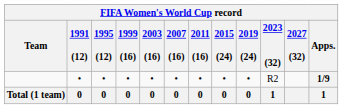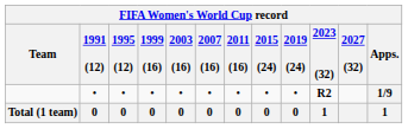 <table class="wikitable" style="text-align:center; font-size:85%">
 <tr style="background:#ccc;">
 <th colspan=12><a href='#'>FIFA Women's World Cup</a> record</th>
 </tr>
 <tr>
 <th>Team</th>
 <th><a href='#'>1991</a><br><br>(12)</th>
 <th><a href='#'>1995</a><br><br>(12)</th>
 <th><a href='#'>1999</a><br><br>(16)</th>
 <th><a href='#'>2003</a><br><br>(16)</th>
 <th><a href='#'>2007</a><br><br>(16)</th>
 <th><a href='#'>2011</a><br><br>(16)</th>
 <th><a href='#'>2015</a><br><br>(24)</th>
 <th><a href='#'>2019</a><br><br>(24)</th>
 <th><a href='#'>2023</a><br><br><br>(32)</th>
 <th><a href='#'>2027</a><br><br>(32)</th>
 <th>Apps.</th>
 </tr>
 <tr>
 <td align=left></td>
 <td>•</td>
 <td>•</td>
 <td>•</td>
 <td>•</td>
 <td>•</td>
 <td>•</td>
 <td>•</td>
 <td>•</td>
-<td>R2<br></td>
+<td><strong>R2<br></strong></td>
 <td></td>
 <th>1/9</th>
 </tr>
 <tr>
 <th align=left>Total (1 team)</th>
 <th>0</th>
 <th>0</th>
 <th>0</th>
 <th>0</th>
 <th>0</th>
 <th>0</th>
 <th>0</th>
 <th>0</th>
 <th>1</th>
 <th></th>
 <th>1</th>
 </tr>
 </table>
